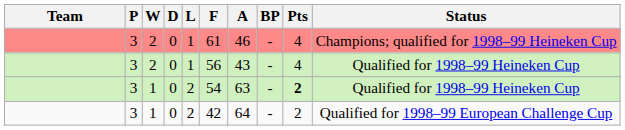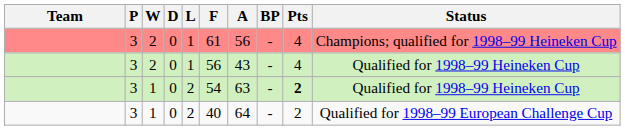 <table class="wikitable" style="text-align:center;">
 <tr>
 <th width="120px">Team</th>
 <th>P</th>
 <th>W</th>
 <th>D</th>
 <th>L</th>
 <th width="23px">F</th>
 <th width="23px">A</th>
 <th>BP</th>
 <th width="23px">Pts</th>
 <th>Status</th>
 </tr>
 <tr bgcolor="#FF8888">
 <td></td>
 <td>3</td>
 <td>2</td>
 <td>0</td>
 <td>1</td>
 <td>61</td>
-<td>46</td>
+<td>56</td>
 <td>-</td>
 <td>4</td>
 <td>Champions; qualified for <a href='#'>1998–99 Heineken Cup</a></td>
 </tr>
 <tr bgcolor="#D0F0C0">
 <td></td>
 <td>3</td>
 <td>2</td>
 <td>0</td>
 <td>1</td>
 <td>56</td>
 <td>43</td>
 <td>-</td>
 <td>4</td>
 <td>Qualified for <a href='#'>1998–99 Heineken Cup</a></td>
 </tr>
 <tr bgcolor="#D0F0C0">
 <td></td>
 <td>3</td>
 <td>1</td>
 <td>0</td>
 <td>2</td>
 <td>54</td>
 <td>63</td>
 <td>-</td>
 <td><strong>2</strong></td>
 <td>Qualified for <a href='#'>1998–99 Heineken Cup</a></td>
 </tr>
 <tr>
 <td></td>
 <td>3</td>
 <td>1</td>
 <td>0</td>
 <td>2</td>
-<td>42</td>
+<td>40</td>
 <td>64</td>
 <td>-</td>
 <td>2</td>
 <td>Qualified for <a href='#'>1998–99 European Challenge Cup</a></td>
 </tr>
 </table>
